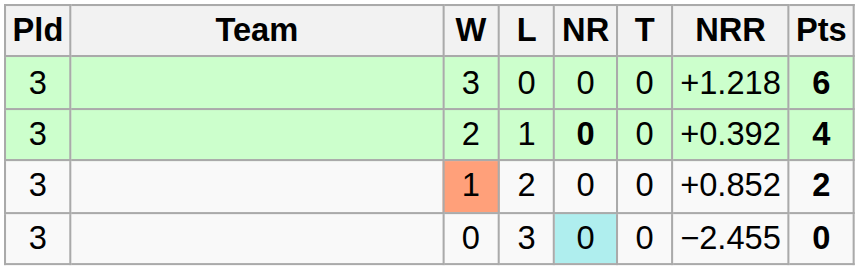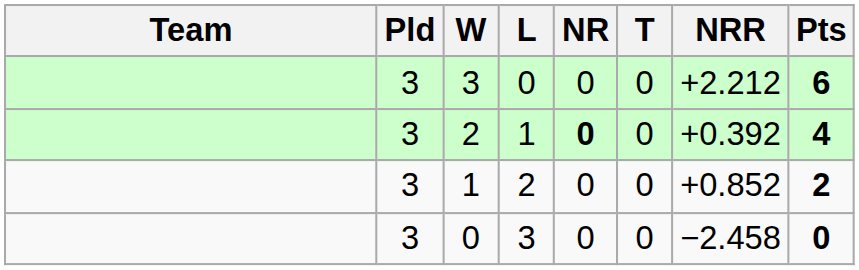 <table class="wikitable" style="text-align:center;">
 <tr>
+<th width=175>Team</th>
 <th style="width:20px;" abbr="Played">Pld</th>
-<th width=175>Team</th>
 <th style="width:20px;" abbr="Won">W</th>
 <th style="width:20px;" abbr="Lost">L</th>
 <th style="width:20px;" abbr="No Result">NR</th>
 <th style="width:20px;" abbr="Tied">T</th>
 <th style="width:20px;" abbr="Net Run Rate">NRR</th>
 <th style="width:20px;" abbr="Points">Pts</th>
 </tr>
 <tr style="background:#cfc;">
+<td style="text-align:left;"></td>
 <td>3</td>
-<td style="text-align:left;"></td>
 <td>3</td>
 <td>0</td>
 <td>0</td>
 <td>0</td>
-<td>+1.218</td>
+<td>+2.212</td>
 <td><strong>6</strong></td>
 </tr>
 <tr style="background:#cfc;">
+<td style="text-align:left;"></td>
 <td>3</td>
-<td style="text-align:left;"></td>
 <td>2</td>
 <td>1</td>
 <td><strong>0</strong></td>
 <td>0</td>
 <td>+0.392</td>
 <td><strong>4</strong></td>
 </tr>
 <tr>
+<td style="text-align:left;"></td>
 <td>3</td>
-<td style="text-align:left;"></td>
-<td style="background: lightsalmon;">1</td>
+<td>1</td>
 <td>2</td>
 <td>0</td>
 <td>0</td>
 <td>+0.852</td>
 <td><strong>2</strong></td>
 </tr>
 <tr>
+<td style="text-align:left;"></td>
 <td>3</td>
-<td style="text-align:left;"></td>
 <td>0</td>
 <td>3</td>
-<td style="background: paleturquoise;">0</td>
 <td>0</td>
-<td>−2.455</td>
+<td>0</td>
+<td>−2.458</td>
 <td><strong>0</strong></td>
 </tr>
 </table>
